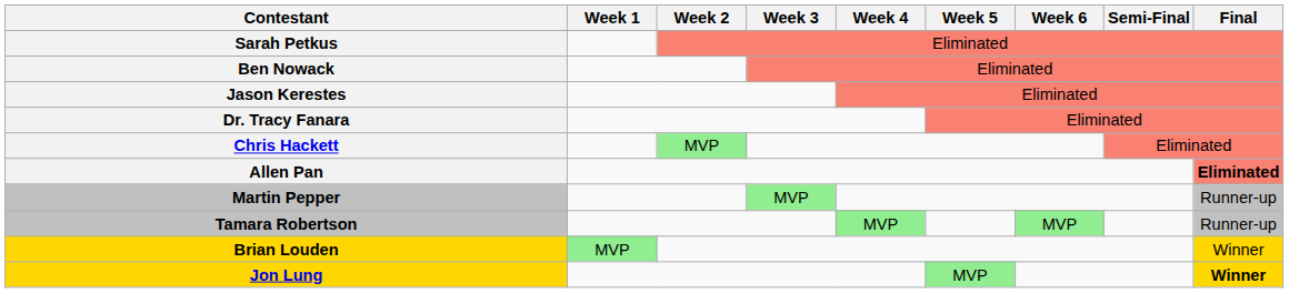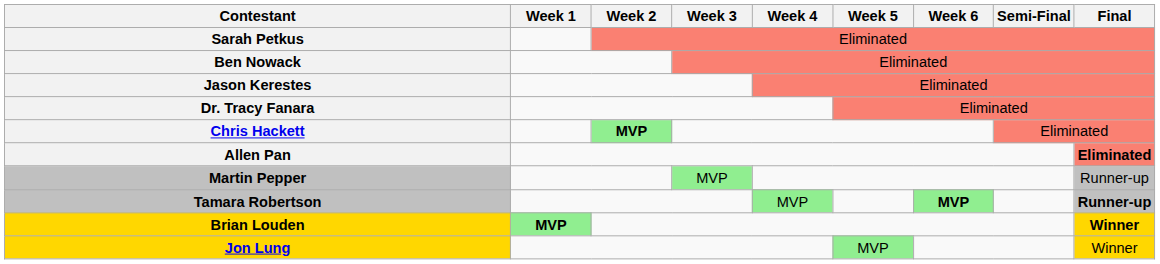 <table class="wikitable" style="text-align:center; font-size:95%">
 <tr>
 <th>Contestant</th>
 <th style="width:7%" scope="col">Week 1</th>
 <th style="width:7%" scope="col">Week 2</th>
 <th style="width:7%" scope="col">Week 3</th>
 <th style="width:7%" scope="col">Week 4</th>
 <th style="width:7%" scope="col">Week 5</th>
 <th style="width:7%" scope="col">Week 6</th>
 <th style="width:7%" scope="col">Semi-Final</th>
 <th style="width:7%" scope="col">Final</th>
 </tr>
 <tr>
 <th scope="row">Sarah Petkus</th>
 <td></td>
 <td colspan="7" style="background:salmon;">Eliminated</td>
 </tr>
 <tr>
 <th scope="row">Ben Nowack</th>
 <td colspan="2"></td>
 <td colspan="6" style="background:salmon;">Eliminated</td>
 </tr>
 <tr>
 <th scope="row">Jason Kerestes</th>
 <td colspan="3"></td>
 <td colspan="5" style="background:salmon;">Eliminated</td>
 </tr>
 <tr>
 <th scope="row">Dr. Tracy Fanara</th>
 <td colspan="4"></td>
 <td colspan="4" style="background:salmon;">Eliminated</td>
 </tr>
 <tr>
 <th scope="row"><a href='#'>Chris Hackett</a></th>
 <td></td>
-<td style="background:lightgreen">MVP</td>
+<td style="background:lightgreen"><strong>MVP</strong></td>
 <td colspan="4"></td>
 <td colspan="2" style="background:salmon;">Eliminated</td>
 </tr>
 <tr>
 <th scope="row">Allen Pan</th>
 <td colspan="7"></td>
 <td style="background:salmon;"><strong>Eliminated</strong></td>
 </tr>
 <tr>
 <th scope="row" style="background:silver">Martin Pepper</th>
 <td colspan="2"></td>
 <td style="background:lightgreen">MVP</td>
 <td colspan="4"></td>
 <td style="background:silver;">Runner-up</td>
 </tr>
 <tr>
 <th scope="row" style="background:silver">Tamara Robertson</th>
 <td colspan="3"></td>
 <td style="background:lightgreen">MVP</td>
 <td></td>
-<td style="background:lightgreen">MVP</td>
+<td style="background:lightgreen"><strong>MVP</strong></td>
 <td></td>
-<td style="background:silver;">Runner-up</td>
+<td style="background:silver;"><strong>Runner-up</strong></td>
 </tr>
 <tr>
 <th scope="row" style="background:gold">Brian Louden</th>
-<td style="background:lightgreen">MVP</td>
+<td style="background:lightgreen"><strong>MVP</strong></td>
 <td colspan="6"></td>
-<td style="background:gold;">Winner</td>
+<td style="background:gold;"><strong>Winner</strong></td>
 </tr>
 <tr>
 <th scope="row" style="background:gold"><a href='#'>Jon Lung</a></th>
 <td colspan="4"></td>
 <td style="background:lightgreen">MVP</td>
 <td colspan="2"></td>
-<td style="background:gold;"><strong>Winner</strong></td>
+<td style="background:gold;">Winner</td>
 </tr>
 </table>
